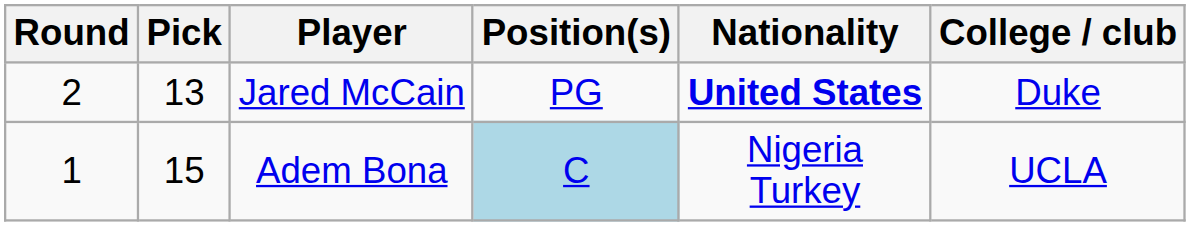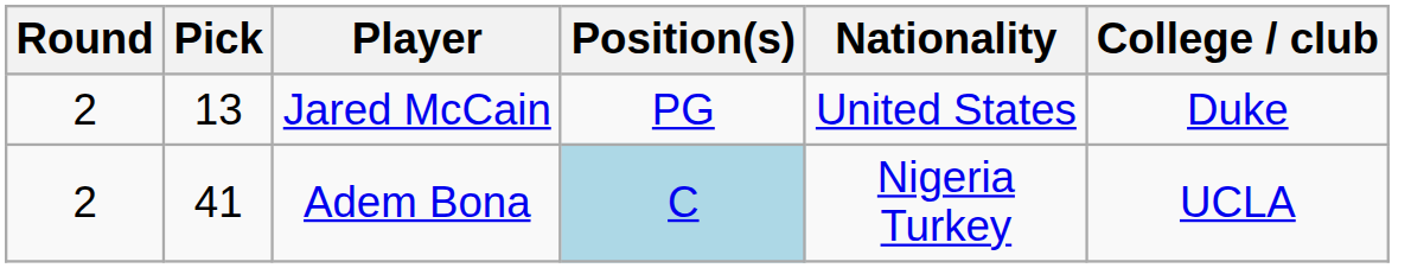 <table class="wikitable sortable sortable">
 <tr>
 <th>Round</th>
 <th>Pick</th>
 <th>Player</th>
 <th>Position(s)</th>
 <th>Nationality</th>
 <th>College / club</th>
 </tr>
 <tr style="text-align: center">
 <td>2</td>
 <td>13</td>
 <td><a href='#'>Jared McCain</a></td>
 <td><a href='#'>PG</a></td>
-<td><strong> <a href='#'>United States</a></strong></td>
+<td> <a href='#'>United States</a></td>
 <td><a href='#'>Duke</a></td>
 </tr>
 <tr style="text-align: center">
-<td>1</td>
-<td>15</td>
+<td>2</td>
+<td>41</td>
 <td><a href='#'>Adem Bona</a></td>
 <td style="background: lightblue;"><a href='#'>C</a></td>
 <td> <a href='#'>Nigeria</a><br> <a href='#'>Turkey</a></td>
 <td><a href='#'>UCLA</a></td>
 </tr>
 </table>
